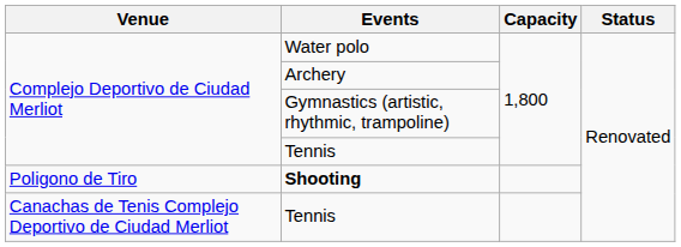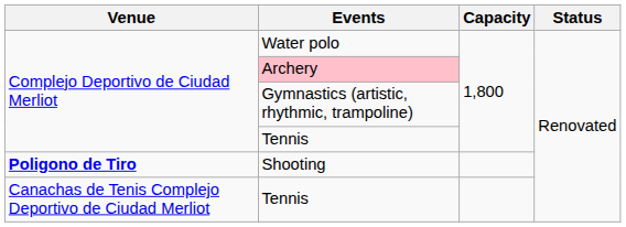 <table class="wikitable sortable">
 <tr>
 <th>Venue</th>
 <th>Events</th>
 <th>Capacity</th>
 <th>Status</th>
 </tr>
 <tr>
 <td rowspan=4><a href='#'>Complejo Deportivo de Ciudad Merliot</a></td>
 <td>Water polo</td>
 <td rowspan=4>1,800</td>
 <td rowspan=6>Renovated</td>
 </tr>
 <tr>
-<td>Archery</td>
+<td style="background: pink;">Archery</td>
 </tr>
 <tr>
 <td>Gymnastics (artistic, rhythmic, trampoline)</td>
 </tr>
 <tr>
 <td>Tennis</td>
 </tr>
 <tr>
-<td><a href='#'>Poligono de Tiro</a></td>
-<td><strong>Shooting</strong></td>
+<td><strong><a href='#'>Poligono de Tiro</a></strong></td>
+<td>Shooting</td>
 </tr>
 <tr>
 <td><a href='#'>Canachas de Tenis Complejo Deportivo de Ciudad Merliot</a></td>
 <td>Tennis</td>
 <td></td>
 </tr>
 </table>
